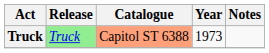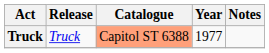 <table class="wikitable plainrowheaders sortable">
 <tr>
 <th scope="col" class="unsortable">Act</th>
 <th scope="col">Release</th>
 <th scope="col">Catalogue</th>
 <th scope="col">Year</th>
 <th scope="col" class="unsortable">Notes</th>
 </tr>
 <tr>
 <th scope="row">Truck</th>
-<td style="background: lightgreen;"><em><a href='#'>Truck</a></em></td>
+<td><em><a href='#'>Truck</a></em></td>
 <td style="background: lightsalmon;">Capitol ST 6388</td>
-<td>1973</td>
+<td>1977</td>
 <td></td>
 </tr>
 <tr>
 </tr>
 </table>
